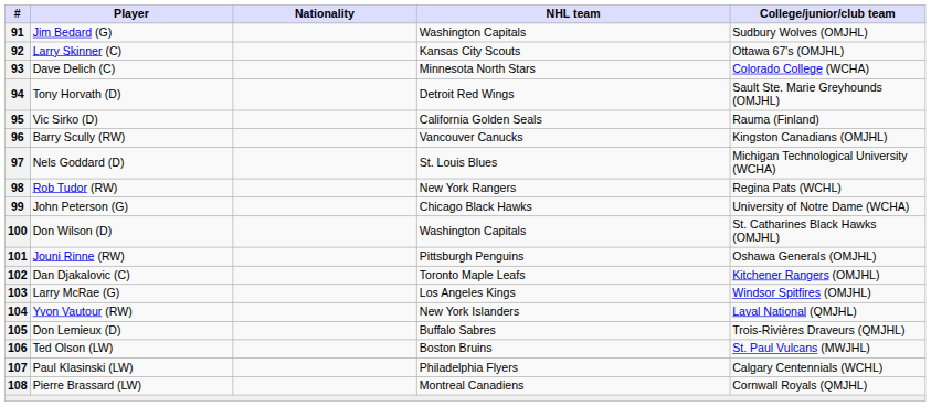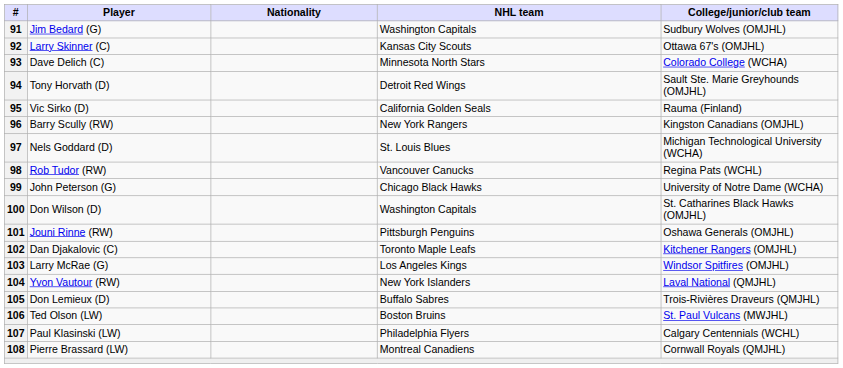 <table class="wikitable" style="width: 100%">
 <tr>
 <th style="background:#ddf; width:2.75%;">#</th>
 <th style="background:#ddf; width:22.0%;">Player</th>
 <th style="background:#ddf; width:20.0%;">Nationality</th>
 <th style="background:#ddf; width:34.0%;">NHL team</th>
 <th style="background:#ddf; width:100.0%;">College/junior/club team</th>
 </tr>
 <tr>
 <th>91</th>
 <td><a href='#'>Jim Bedard</a> (G)</td>
 <td></td>
 <td>Washington Capitals</td>
 <td>Sudbury Wolves (OMJHL)</td>
 </tr>
 <tr>
 <th>92</th>
 <td><a href='#'>Larry Skinner</a> (C)</td>
 <td></td>
 <td>Kansas City Scouts</td>
 <td>Ottawa 67's (OMJHL)</td>
 </tr>
 <tr>
 <th>93</th>
 <td>Dave Delich (C)</td>
 <td></td>
 <td>Minnesota North Stars</td>
 <td><a href='#'>Colorado College</a> (WCHA)</td>
 </tr>
 <tr>
 <th>94</th>
 <td>Tony Horvath (D)</td>
 <td></td>
 <td>Detroit Red Wings</td>
 <td>Sault Ste. Marie Greyhounds (OMJHL)</td>
 </tr>
 <tr>
 <th>95</th>
 <td>Vic Sirko (D)</td>
 <td></td>
 <td>California Golden Seals</td>
 <td>Rauma (Finland)</td>
 </tr>
 <tr>
 <th>96</th>
 <td>Barry Scully (RW)</td>
 <td></td>
-<td>Vancouver Canucks</td>
+<td>New York Rangers</td>
 <td>Kingston Canadians (OMJHL)</td>
 </tr>
 <tr>
 <th>97</th>
 <td>Nels Goddard (D)</td>
 <td></td>
 <td>St. Louis Blues</td>
 <td>Michigan Technological University (WCHA)</td>
 </tr>
 <tr>
 <th>98</th>
 <td><a href='#'>Rob Tudor</a> (RW)</td>
 <td></td>
-<td>New York Rangers</td>
+<td>Vancouver Canucks</td>
 <td>Regina Pats (WCHL)</td>
 </tr>
 <tr>
 <th>99</th>
 <td>John Peterson (G)</td>
 <td></td>
 <td>Chicago Black Hawks</td>
 <td>University of Notre Dame (WCHA)</td>
 </tr>
 <tr>
 <th>100</th>
 <td>Don Wilson (D)</td>
 <td></td>
 <td>Washington Capitals</td>
 <td>St. Catharines Black Hawks (OMJHL)</td>
 </tr>
 <tr>
 <th>101</th>
 <td><a href='#'>Jouni Rinne</a> (RW)</td>
 <td></td>
 <td>Pittsburgh Penguins</td>
 <td>Oshawa Generals (OMJHL)</td>
 </tr>
 <tr>
 <th>102</th>
 <td>Dan Djakalovic (C)</td>
 <td></td>
 <td>Toronto Maple Leafs</td>
 <td><a href='#'>Kitchener Rangers</a> (OMJHL)</td>
 </tr>
 <tr>
 <th>103</th>
 <td>Larry McRae (G)</td>
 <td></td>
 <td>Los Angeles Kings</td>
 <td><a href='#'>Windsor Spitfires</a> (OMJHL)</td>
 </tr>
 <tr>
 <th>104</th>
 <td><a href='#'>Yvon Vautour</a> (RW)</td>
 <td></td>
 <td>New York Islanders</td>
 <td><a href='#'>Laval National</a> (QMJHL)</td>
 </tr>
 <tr>
 <th>105</th>
 <td>Don Lemieux (D)</td>
 <td></td>
 <td>Buffalo Sabres</td>
 <td>Trois-Rivières Draveurs (QMJHL)</td>
 </tr>
 <tr>
 <th>106</th>
 <td>Ted Olson (LW)</td>
 <td></td>
 <td>Boston Bruins</td>
 <td><a href='#'>St. Paul Vulcans</a> (MWJHL)</td>
 </tr>
 <tr>
 <th>107</th>
 <td>Paul Klasinski (LW)</td>
 <td></td>
 <td>Philadelphia Flyers</td>
 <td>Calgary Centennials (WCHL)</td>
 </tr>
 <tr>
 <th>108</th>
 <td>Pierre Brassard (LW)</td>
 <td></td>
 <td>Montreal Canadiens</td>
 <td>Cornwall Royals (QMJHL)</td>
 </tr>
 <tr>
 <td align=center colspan="6" bgcolor="#efefef"></td>
 </tr>
 </table>
